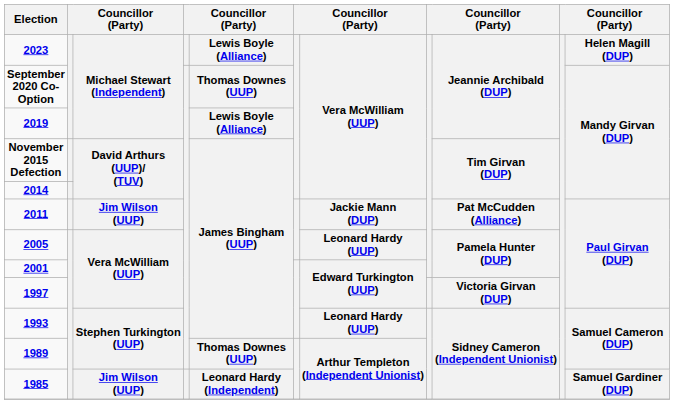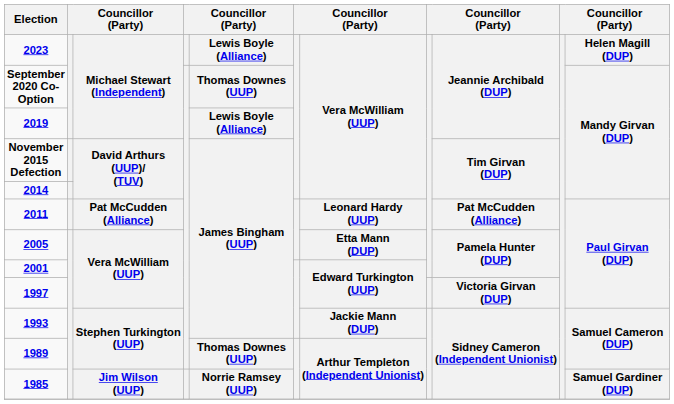 <table class="wikitable" style="text-align:center">
 <tr>
 <th scope="col" width="50">Election</th>
 <th scope="col" width="150" colspan = "2">Councillor<br> (Party)</th>
 <th scope="col" width="150" colspan = "2">Councillor<br> (Party)</th>
 <th scope="col" width="150" colspan = "2">Councillor<br> (Party)</th>
 <th scope="col" width="150" colspan = "2">Councillor<br> (Party)</th>
 <th scope="col" width="150" colspan = "2">Councillor<br> (Party)</th>
 </tr>
 <tr>
 <td><strong><a href='#'>2023</a></strong></td>
 <th rowspan="3" width="1" style="background-color: "></th>
 <th rowspan = "3">Michael Stewart <br> (<a href='#'>Independent</a>)</th>
 <th rowspan="1" width="1" style="background-color: "></th>
 <th rowspan = "1">Lewis Boyle <br> (<a href='#'>Alliance</a>)</th>
 <th rowspan="5" width="1" style="background-color: "></th>
 <th rowspan = "5">Vera McWilliam <br> (<a href='#'>UUP</a>)</th>
 <th rowspan="8" width="1" style="background-color: "></th>
 <th rowspan = "3">Jeannie Archibald <br> (<a href='#'>DUP</a>)</th>
 <th rowspan="12" width="1" style="background-color: "></th>
 <th rowspan = "1">Helen Magill <br> (<a href='#'>DUP</a>)</th>
 </tr>
 <tr>
 <td><strong>September 2020 Co-Option</strong></td>
 <th rowspan="10" width="1" style="background-color: "></th>
 <th rowspan = "1">Thomas Downes <br> (<a href='#'>UUP</a>)</th>
 <th rowspan = "4">Mandy Girvan <br> (<a href='#'>DUP</a>)</th>
 </tr>
 <tr>
 <td><strong><a href='#'>2019</a></strong></td>
 <th rowspan = "1">Lewis Boyle <br> (<a href='#'>Alliance</a>)</th>
 </tr>
 <tr>
 <td><strong>November 2015 Defection</strong></td>
 <th rowspan="1" width="1" style="background-color: "></th>
 <th rowspan = "2">David Arthurs <br> (<a href='#'>UUP</a>)/ <br> (<a href='#'>TUV</a>)</th>
 <th rowspan = "7">James Bingham <br> (<a href='#'>UUP</a>)</th>
 <th rowspan = "2">Tim Girvan <br> (<a href='#'>DUP</a>)</th>
 </tr>
 <tr>
 <td><strong><a href='#'>2014</a></strong></td>
 <th rowspan="1" width="1" style="background-color: "></th>
 </tr>
 <tr>
 <td><strong><a href='#'>2011</a></strong></td>
 <th rowspan="1" width="1" style="background-color: "></th>
-<th rowspan = "1"><a href='#'>Jim Wilson</a> <br> (<a href='#'>UUP</a>)</th>
+<th rowspan = "1">Pat McCudden <br> (<a href='#'>Alliance</a>)</th>
 <th rowspan="2" width="1" style="background-color: "></th>
-<th rowspan = "1">Jackie Mann <br> (<a href='#'>DUP</a>)</th>
+<th rowspan = "1">Leonard Hardy <br> (<a href='#'>UUP</a>)</th>
 <th rowspan = "1">Pat McCudden <br> (<a href='#'>Alliance</a>)</th>
 <th rowspan = "4"><a href='#'>Paul Girvan</a> <br> (<a href='#'>DUP</a>)</th>
 </tr>
 <tr>
 <td><strong><a href='#'>2005</a></strong></td>
 <th rowspan="6" width="1" style="background-color: "></th>
 <th rowspan = "3">Vera McWilliam <br> (<a href='#'>UUP</a>)</th>
-<th rowspan = "1">Leonard Hardy <br> (<a href='#'>UUP</a>)</th>
+<th rowspan = "1">Etta Mann <br> (<a href='#'>DUP</a>)</th>
 <th rowspan = "2">Pamela Hunter <br> (<a href='#'>DUP</a>)</th>
 </tr>
 <tr>
 <td><strong><a href='#'>2001</a></strong></td>
 <th rowspan="3" width="1" style="background-color: "></th>
 <th rowspan = "2">Edward Turkington <br> (<a href='#'>UUP</a>)</th>
 </tr>
 <tr>
 <td><strong><a href='#'>1997</a></strong></td>
 <th rowspan="1" width="1" style="background-color: "></th>
 <th rowspan = "1">Victoria Girvan <br> (<a href='#'>DUP</a>)</th>
 </tr>
 <tr>
 <td><strong><a href='#'>1993</a></strong></td>
 <th rowspan = "2">Stephen Turkington <br> (<a href='#'>UUP</a>)</th>
-<th rowspan = "1">Leonard Hardy <br> (<a href='#'>UUP</a>)</th>
+<th rowspan = "1">Jackie Mann <br> (<a href='#'>DUP</a>)</th>
 <th rowspan="3" width="1" style="background-color: "></th>
 <th rowspan = "3">Sidney Cameron <br> (<a href='#'>Independent Unionist</a>)</th>
 <th rowspan = "2">Samuel Cameron <br> (<a href='#'>DUP</a>)</th>
 </tr>
 <tr>
 <td><strong><a href='#'>1989</a></strong></td>
 <th rowspan = "1">Thomas Downes <br> (<a href='#'>UUP</a>)</th>
 <th rowspan="2" width="1" style="background-color: "></th>
 <th rowspan = "2">Arthur Templeton <br> (<a href='#'>Independent Unionist</a>)</th>
 </tr>
 <tr>
 <td><strong><a href='#'>1985</a></strong></td>
 <th rowspan = "1"><a href='#'>Jim Wilson</a> <br> (<a href='#'>UUP</a>)</th>
 <th rowspan="1" width="1" style="background-color: "></th>
-<th rowspan = "1">Leonard Hardy <br> (<a href='#'>Independent</a>)</th>
+<th rowspan = "1">Norrie Ramsey <br> (<a href='#'>UUP</a>)</th>
 <th rowspan = "1">Samuel Gardiner <br> (<a href='#'>DUP</a>)</th>
 </tr>
 <tr>
 </tr>
 </table>
